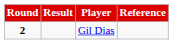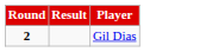 <table class=wikitable>
 <tr>
 <th style="background:#DD0000; color:#FFFFFF;">Round</th>
 <th style="background:#DD0000; color:#FFFFFF;">Result</th>
 <th style="background:#DD0000; color:#FFFFFF;">Player</th>
-<th style="background:#DD0000; color:#FFFFFF;">Reference</th>
 </tr>
 <tr>
 <td align=center><strong>2</strong></td>
 <td></td>
 <td><a href='#'>Gil Dias</a></td>
-<td></td>
 </tr>
 </table>
